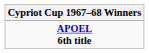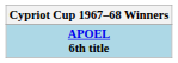 <table class="wikitable" style="text-align:center;margin: 0 auto;">
 <tr>
 <th>Cypriot Cup 1967–68 Winners</th>
 </tr>
 <tr>
 </tr>
 <tr>
-<td><strong><a href='#'>APOEL</a></strong><br><strong>6th title</strong></td>
+<td style="background: lightblue;"><strong><a href='#'>APOEL</a></strong><br><strong>6th title</strong></td>
 </tr>
 </table>
